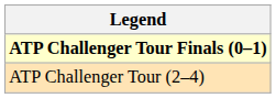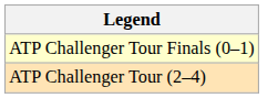 <table class=wikitable style=font-size:97%>
 <tr>
 <th>Legend</th>
 </tr>
 <tr bgcolor=#ffffcc>
-<td><strong>ATP Challenger Tour Finals (0–1)</strong></td>
+<td>ATP Challenger Tour Finals (0–1)</td>
 </tr>
 <tr bgcolor=moccasin>
 <td>ATP Challenger Tour (2–4)</td>
 </tr>
 </table>
